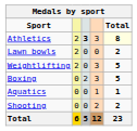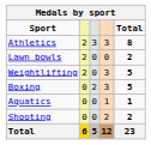 <table class="wikitable" style="font-size:85%;float:right;text-align:center">
 <tr style="background:#efefef;">
 <th colspan=7>Medals by sport</th>
 </tr>
 <tr>
 <td><strong>Sport</strong></td>
 <td bgcolor=#f7f6a8></td>
 <td bgcolor=#dce5e5></td>
 <td bgcolor=#ffdab9></td>
 <td><strong>Total</strong></td>
 </tr>
 <tr>
 <td style="text-align:left;"><a href='#'>Athletics</a></td>
 <td style="background:#F7F6A8;">2</td>
-<td style="background:#DCE5E5;"><strong>3</strong></td>
+<td style="background:#DCE5E5;">3</td>
 <td style="background:#FFDAB9;">3</td>
-<td style="background: lightyellow;"><strong>8</strong></td>
+<td><strong>8</strong></td>
 </tr>
 <tr>
 <td style="text-align:left;"><a href='#'>Lawn bowls</a></td>
 <td style="background:#F7F6A8;">2</td>
 <td style="background:#DCE5E5;">0</td>
 <td style="background:#FFDAB9;">0</td>
 <td><strong>2</strong></td>
 </tr>
 <tr>
 <td style="text-align:left;"><a href='#'>Weightlifting</a></td>
 <td style="background:#F7F6A8;">2</td>
 <td style="background:#DCE5E5;">0</td>
 <td style="background:#FFDAB9;">3</td>
 <td><strong>5</strong></td>
 </tr>
 <tr>
 <td style="text-align:left;"><a href='#'>Boxing</a></td>
 <td style="background:#F7F6A8;">0</td>
 <td style="background:#DCE5E5;">2</td>
 <td style="background:#FFDAB9;">3</td>
 <td><strong>5</strong></td>
 </tr>
 <tr>
 <td style="text-align:left;"><a href='#'>Aquatics</a></td>
 <td style="background:#F7F6A8;">0</td>
 <td style="background:#DCE5E5;">0</td>
 <td style="background:#FFDAB9;">1</td>
 <td><strong>1</strong></td>
 </tr>
 <tr>
 <td style="text-align:left;"><a href='#'>Shooting</a></td>
 <td style="background:#F7F6A8;">0</td>
 <td style="background:#DCE5E5;">0</td>
 <td style="background:#FFDAB9;">2</td>
 <td><strong>2</strong></td>
 </tr>
 <tr>
 <th style="text-align:left;">Total</th>
 <th style="background:gold;">6</th>
 <th style="background:silver;">5</th>
 <th style="background:#c96;">12</th>
 <th>23</th>
 </tr>
 </table>
